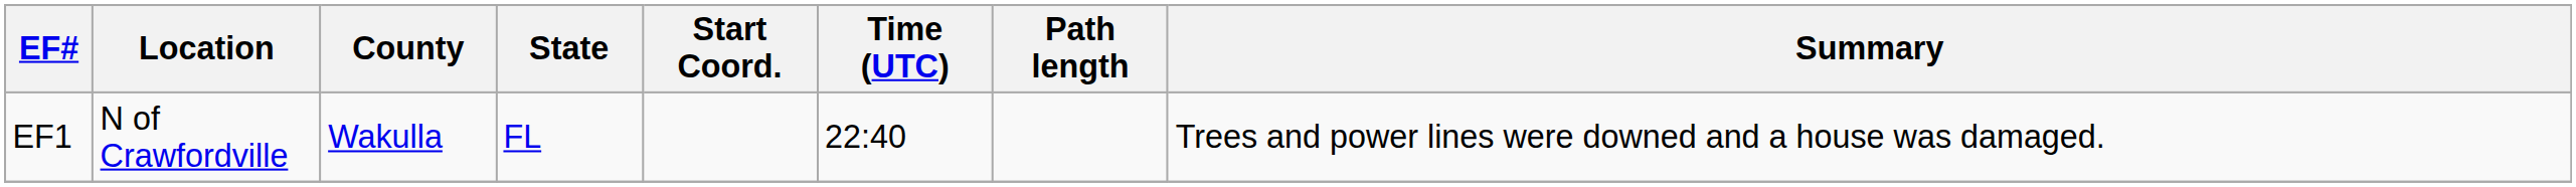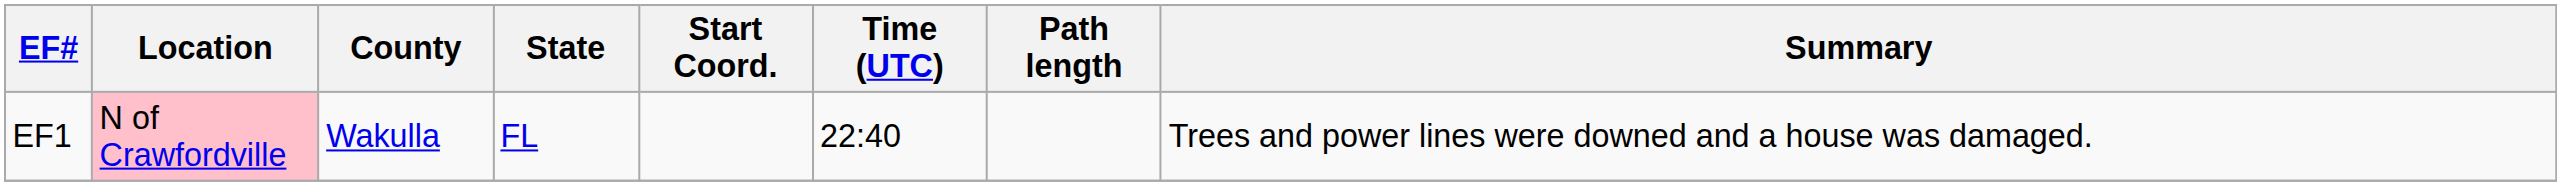 <table class="wikitable sortable" style="width:100%;">
 <tr>
 <th scope="col"  style="width:3%; text-align:center;"><a href='#'>EF#</a></th>
 <th scope="col"  style="width:7%; text-align:center;" class="unsortable">Location</th>
 <th scope="col"  style="width:6%; text-align:center;" class="unsortable">County</th>
 <th scope="col"  style="width:5%; text-align:center;">State</th>
 <th scope="col"  style="width:6%; text-align:center;">Start Coord.</th>
 <th scope="col"  style="width:6%; text-align:center;">Time (<a href='#'>UTC</a>)</th>
 <th scope="col"  style="width:6%; text-align:center;">Path length</th>
 <th scope="col" class="unsortable" style="width:48%; text-align:center;">Summary</th>
 </tr>
 <tr>
 <td>EF1</td>
-<td>N of <a href='#'>Crawfordville</a></td>
+<td style="background: pink;">N of <a href='#'>Crawfordville</a></td>
 <td><a href='#'>Wakulla</a></td>
 <td><a href='#'>FL</a></td>
 <td></td>
 <td>22:40</td>
 <td></td>
 <td>Trees and power lines were downed and a house was damaged.</td>
 </tr>
 <tr>
 </tr>
 </table>
